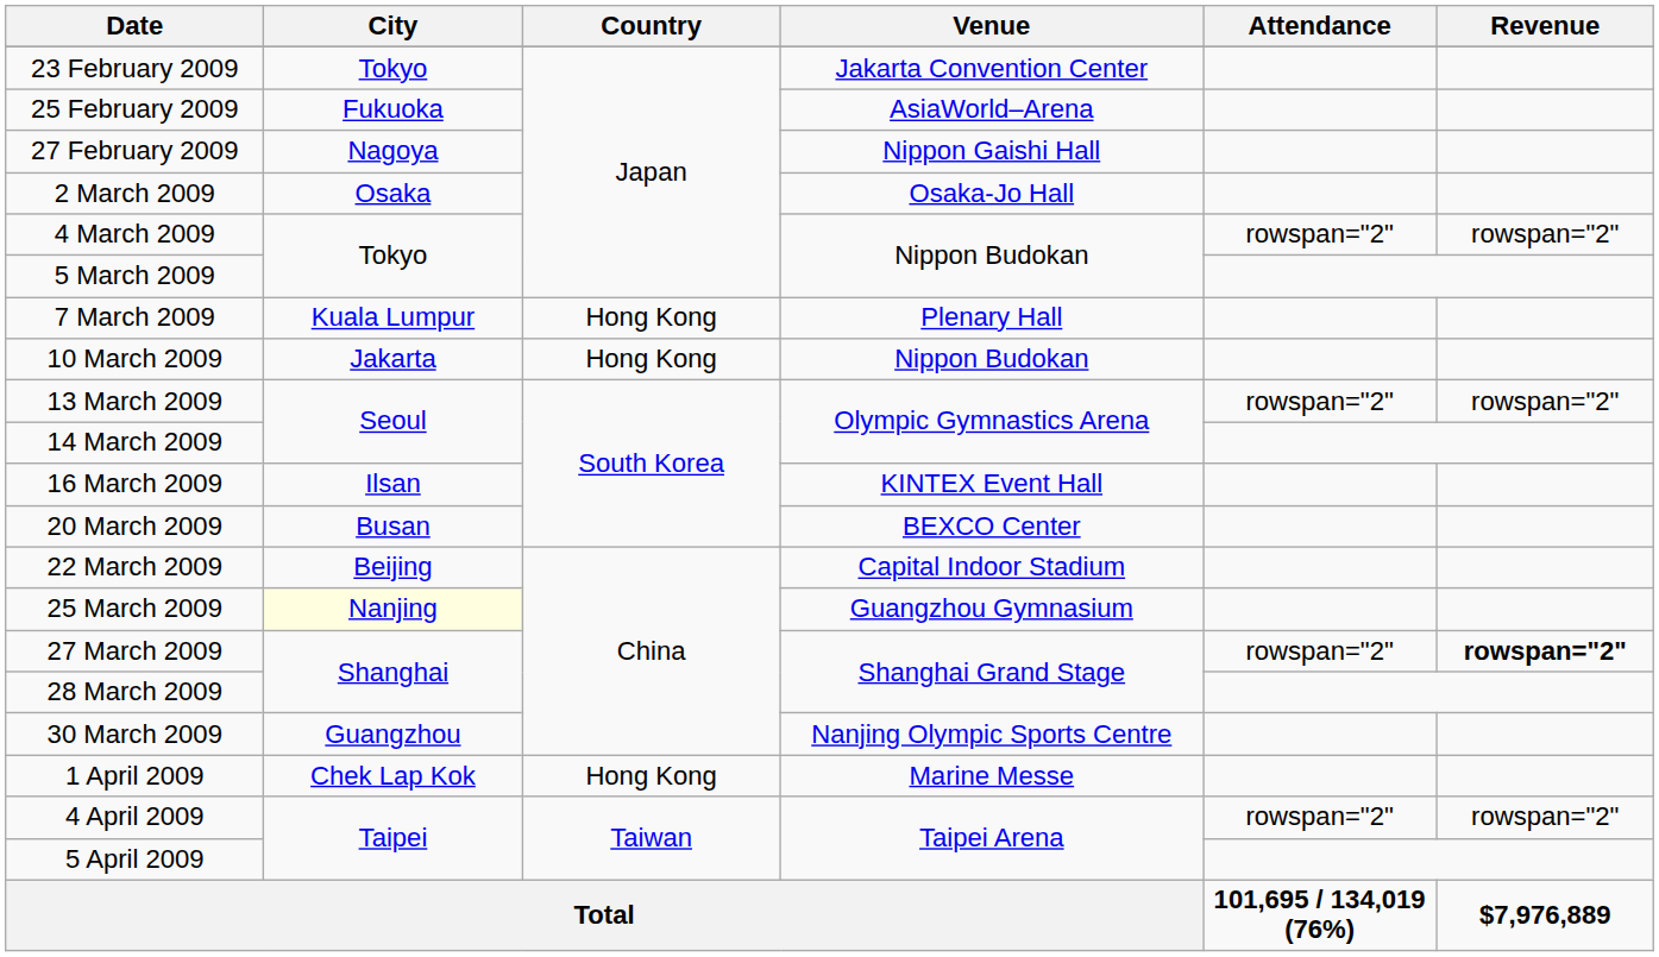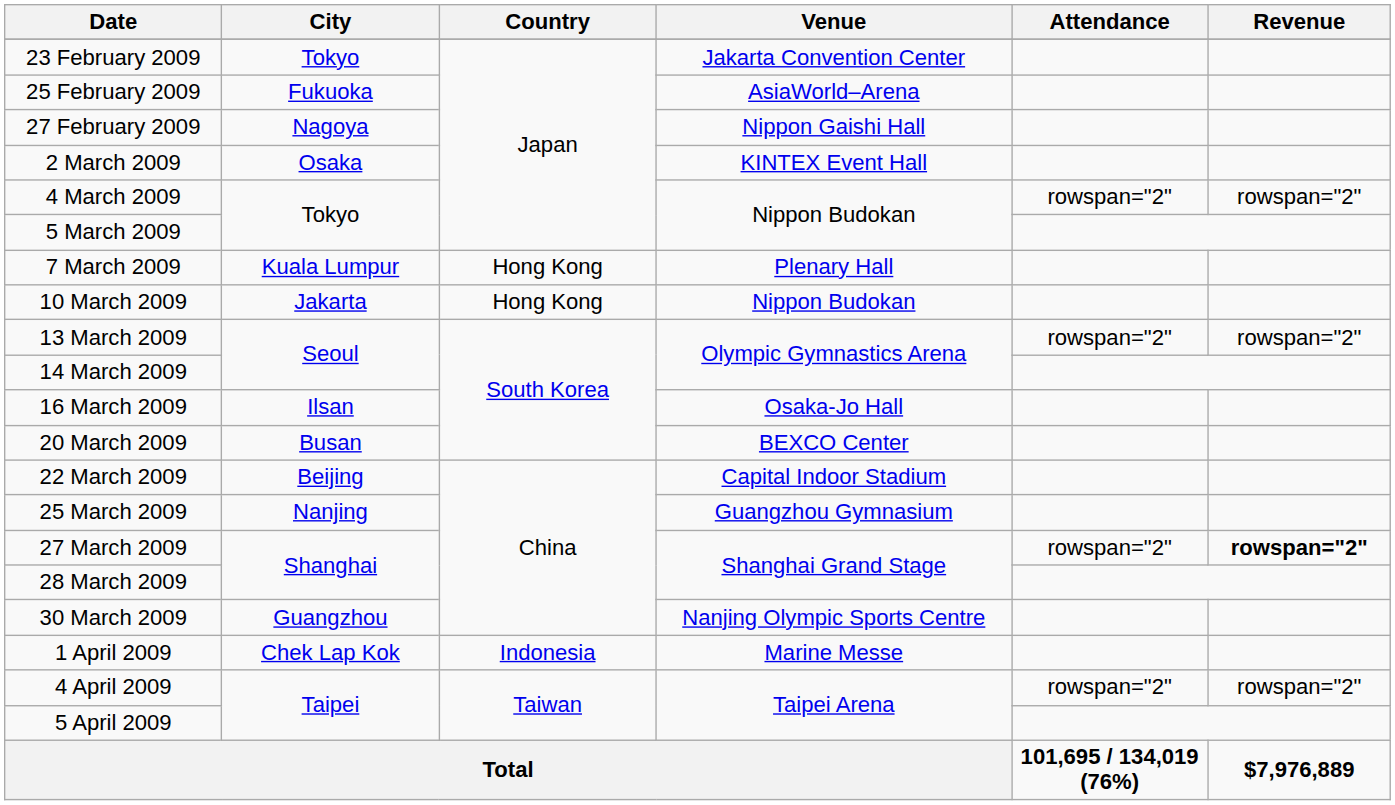 <table class="wikitable" style="text-align:center;">
 <tr>
 <th width="150">Date</th>
 <th width="150">City</th>
 <th width="150">Country</th>
 <th width="250">Venue</th>
 <th width="135">Attendance</th>
 <th width="125">Revenue</th>
 </tr>
 <tr>
 </tr>
 <tr>
 <td>23 February 2009</td>
 <td><a href='#'>Tokyo</a></td>
 <td rowspan="6">Japan</td>
 <td><a href='#'>Jakarta Convention Center</a></td>
 <td></td>
 <td></td>
 </tr>
 <tr>
 <td>25 February 2009</td>
 <td><a href='#'>Fukuoka</a></td>
 <td><a href='#'>AsiaWorld–Arena</a></td>
 <td></td>
 <td></td>
 </tr>
 <tr>
 <td>27 February 2009</td>
 <td><a href='#'>Nagoya</a></td>
 <td><a href='#'>Nippon Gaishi Hall</a></td>
 <td></td>
 <td></td>
 </tr>
 <tr>
 <td>2 March 2009</td>
 <td><a href='#'>Osaka</a></td>
-<td><a href='#'>Osaka-Jo Hall</a></td>
+<td><a href='#'>KINTEX Event Hall</a></td>
 <td></td>
 <td></td>
 </tr>
 <tr>
 <td>4 March 2009</td>
 <td rowspan="2">Tokyo</td>
 <td rowspan="2">Nippon Budokan</td>
 <td>rowspan="2" </td>
 <td>rowspan="2" </td>
 </tr>
 <tr>
 <td>5 March 2009</td>
 </tr>
 <tr>
 <td>7 March 2009</td>
 <td><a href='#'>Kuala Lumpur</a></td>
 <td>Hong Kong</td>
 <td><a href='#'>Plenary Hall</a></td>
 <td></td>
 <td></td>
 </tr>
 <tr>
 <td>10 March 2009</td>
 <td><a href='#'>Jakarta</a></td>
 <td>Hong Kong</td>
 <td><a href='#'>Nippon Budokan</a></td>
 <td></td>
 <td></td>
 </tr>
 <tr>
 <td>13 March 2009</td>
 <td rowspan="2"><a href='#'>Seoul</a></td>
 <td rowspan="4"><a href='#'>South Korea</a></td>
 <td rowspan="2"><a href='#'>Olympic Gymnastics Arena</a></td>
 <td>rowspan="2" </td>
 <td>rowspan="2" </td>
 </tr>
 <tr>
 <td>14 March 2009</td>
 </tr>
 <tr>
 <td>16 March 2009</td>
 <td><a href='#'>Ilsan</a></td>
-<td><a href='#'>KINTEX Event Hall</a></td>
+<td><a href='#'>Osaka-Jo Hall</a></td>
 <td></td>
 <td></td>
 </tr>
 <tr>
 <td>20 March 2009</td>
 <td><a href='#'>Busan</a></td>
 <td><a href='#'>BEXCO Center</a></td>
 <td></td>
 <td></td>
 </tr>
 <tr>
 <td>22 March 2009</td>
 <td><a href='#'>Beijing</a></td>
 <td rowspan="5">China</td>
 <td><a href='#'>Capital Indoor Stadium</a></td>
 <td></td>
 <td></td>
 </tr>
 <tr>
 <td>25 March 2009</td>
-<td style="background: lightyellow;"><a href='#'>Nanjing</a></td>
+<td><a href='#'>Nanjing</a></td>
 <td><a href='#'>Guangzhou Gymnasium</a></td>
 <td></td>
 <td></td>
 </tr>
 <tr>
 <td>27 March 2009</td>
 <td rowspan="2"><a href='#'>Shanghai</a></td>
 <td rowspan="2"><a href='#'>Shanghai Grand Stage</a></td>
 <td>rowspan="2" </td>
 <td><strong>rowspan="2" </strong></td>
 </tr>
 <tr>
 <td>28 March 2009</td>
 </tr>
 <tr>
 <td>30 March 2009</td>
 <td><a href='#'>Guangzhou</a></td>
 <td><a href='#'>Nanjing Olympic Sports Centre</a></td>
 <td></td>
 <td></td>
 </tr>
 <tr>
 <td>1 April 2009</td>
 <td><a href='#'>Chek Lap Kok</a></td>
-<td>Hong Kong</td>
+<td><a href='#'>Indonesia</a></td>
 <td><a href='#'>Marine Messe</a></td>
 <td></td>
 <td></td>
 </tr>
 <tr>
 <td>4 April 2009</td>
 <td rowspan="2"><a href='#'>Taipei</a></td>
 <td rowspan="2"><a href='#'>Taiwan</a></td>
 <td rowspan="2"><a href='#'>Taipei Arena</a></td>
 <td>rowspan="2" </td>
 <td>rowspan="2" </td>
 </tr>
 <tr>
 <td>5 April 2009</td>
 </tr>
 <tr>
 <th colspan="4">Total</th>
 <td><strong>101,695 / 134,019 (76%)</strong></td>
 <td><strong>$7,976,889</strong></td>
 </tr>
 </table>
